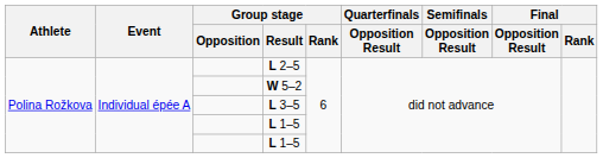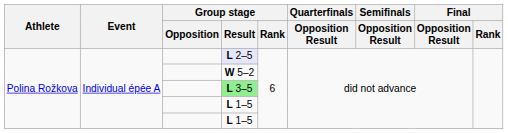 <table class=wikitable style="text-align: center; font-size:90%">
 <tr>
 <th rowspan="2">Athlete</th>
 <th rowspan="2">Event</th>
 <th colspan="3">Group stage</th>
 <th>Quarterfinals</th>
 <th>Semifinals</th>
 <th colspan="2">Final</th>
 </tr>
 <tr>
 <th>Opposition</th>
 <th>Result</th>
 <th>Rank</th>
 <th>Opposition<br>Result</th>
 <th>Opposition<br>Result</th>
 <th>Opposition<br>Result</th>
 <th>Rank</th>
 </tr>
 <tr Polina Rozkova>
 <td align=left rowspan=5><a href='#'>Polina Rožkova</a></td>
 <td align=left rowspan=5><a href='#'>Individual épée  A</a></td>
 <td></td>
-<td><strong>L</strong> 2–5</td>
+<td style="background: lavender;"><strong>L</strong> 2–5</td>
 <td rowspan=5>6</td>
 <td rowspan=5 colspan=3>did not advance</td>
 <td rowspan=5></td>
 </tr>
 <tr>
 <td></td>
 <td><strong>W</strong> 5–2</td>
 </tr>
 <tr>
 <td></td>
-<td><strong>L</strong> 3–5</td>
+<td style="background: lightgreen;"><strong>L</strong> 3–5</td>
 </tr>
 <tr>
 <td></td>
 <td><strong>L</strong> 1–5</td>
 </tr>
 <tr>
 <td></td>
 <td><strong>L</strong> 1–5</td>
 </tr>
 </table>
